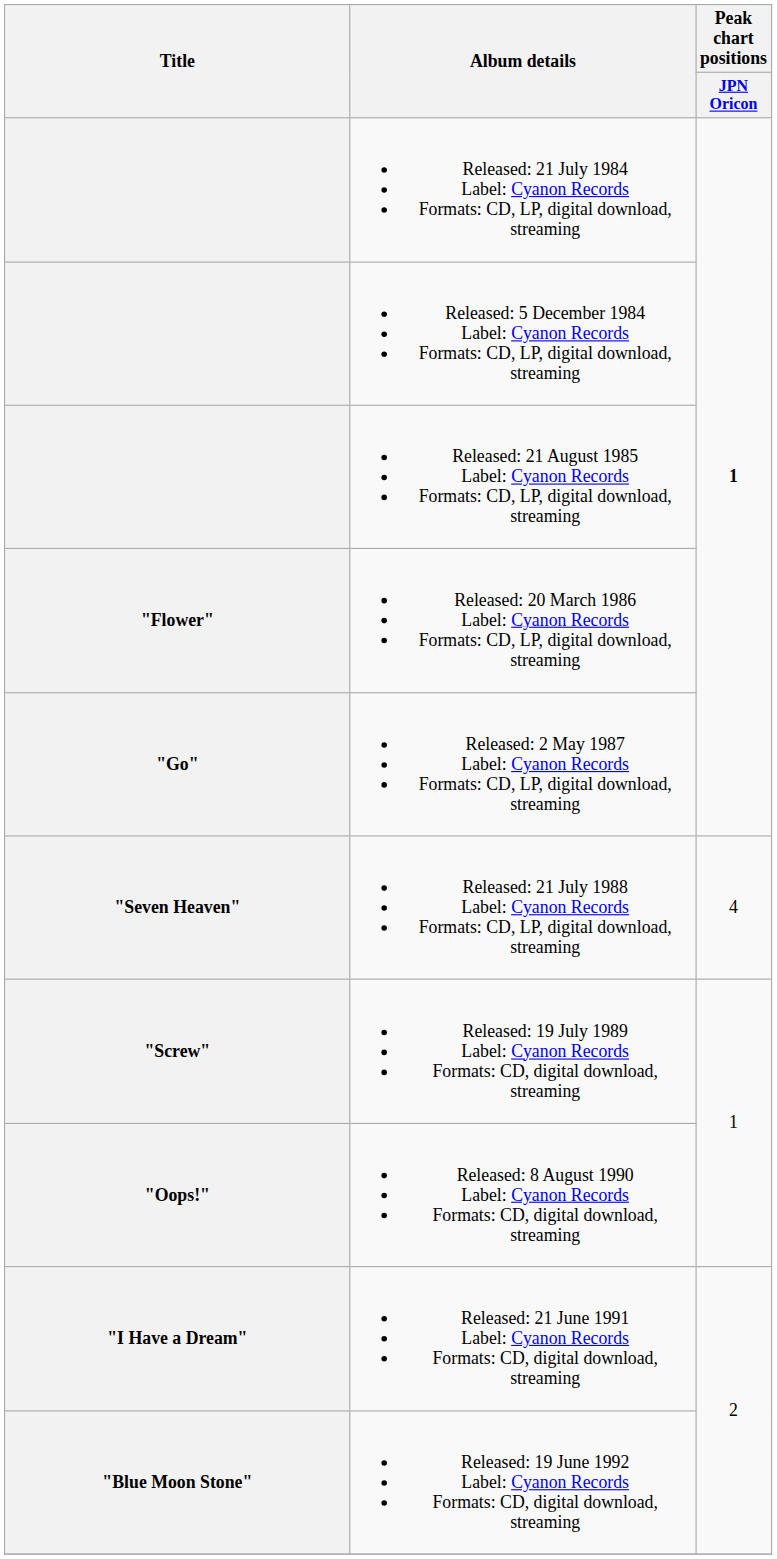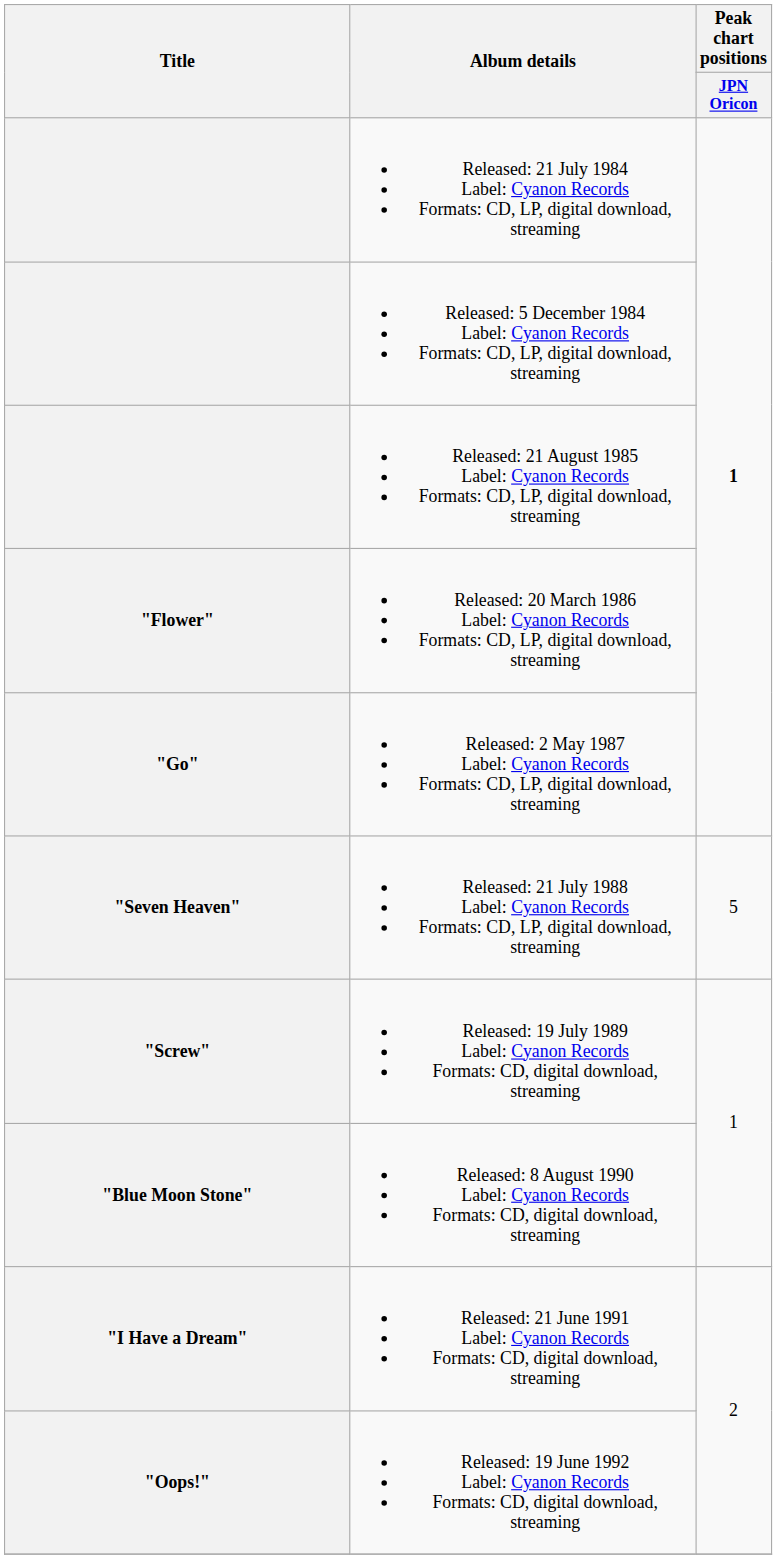 <table class="wikitable plainrowheaders" style="text-align:center;">
 <tr>
 <th scope="col" rowspan="2" style="width:19em;">Title</th>
 <th scope="col" rowspan="2" style="width:19em;">Album details</th>
 <th scope="col">Peak<br>chart<br>positions</th>
 </tr>
 <tr>
 <th scope="col" style="width:2.9em;font-size:90%;"><a href='#'>JPN<br>Oricon</a><br></th>
 </tr>
 <tr>
 <th scope="row"></th>
 <td><br><ul><li>Released: 21 July 1984</li><li>Label: <a href='#'>Cyanon Records</a></li><li>Formats: CD, LP, digital download, streaming</li></ul></td>
 <td rowspan="5"><strong>1</strong></td>
 </tr>
 <tr>
 <th scope="row"></th>
 <td><br><ul><li>Released: 5 December 1984</li><li>Label: <a href='#'>Cyanon Records</a></li><li>Formats: CD, LP, digital download, streaming</li></ul></td>
 </tr>
 <tr>
 <th scope="row"></th>
 <td><br><ul><li>Released: 21 August 1985</li><li>Label: <a href='#'>Cyanon Records</a></li><li>Formats: CD, LP, digital download, streaming</li></ul></td>
 </tr>
 <tr>
 <th scope="row">"Flower"</th>
 <td><br><ul><li>Released: 20 March 1986</li><li>Label: <a href='#'>Cyanon Records</a></li><li>Formats: CD, LP, digital download, streaming</li></ul></td>
 </tr>
 <tr>
 <th scope="row">"Go"</th>
 <td><br><ul><li>Released: 2 May 1987</li><li>Label: <a href='#'>Cyanon Records</a></li><li>Formats: CD, LP, digital download, streaming</li></ul></td>
 </tr>
 <tr>
 <th scope="row">"Seven Heaven"</th>
 <td><br><ul><li>Released: 21 July 1988</li><li>Label: <a href='#'>Cyanon Records</a></li><li>Formats: CD, LP, digital download, streaming</li></ul></td>
-<td>4</td>
+<td>5</td>
 </tr>
 <tr>
 <th scope="row">"Screw"</th>
 <td><br><ul><li>Released: 19 July 1989</li><li>Label: <a href='#'>Cyanon Records</a></li><li>Formats: CD, digital download, streaming</li></ul></td>
 <td rowspan="2">1</td>
 </tr>
 <tr>
-<th scope="row">"Oops!"</th>
+<th scope="row">"Blue Moon Stone"</th>
 <td><br><ul><li>Released: 8 August 1990</li><li>Label: <a href='#'>Cyanon Records</a></li><li>Formats: CD, digital download, streaming</li></ul></td>
 </tr>
 <tr>
 <th scope="row">"I Have a Dream"</th>
 <td><br><ul><li>Released: 21 June 1991</li><li>Label: <a href='#'>Cyanon Records</a></li><li>Formats: CD, digital download, streaming</li></ul></td>
 <td rowspan="2">2</td>
 </tr>
 <tr>
-<th scope="row">"Blue Moon Stone"</th>
+<th scope="row">"Oops!"</th>
 <td><br><ul><li>Released: 19 June 1992</li><li>Label: <a href='#'>Cyanon Records</a></li><li>Formats: CD, digital download, streaming</li></ul></td>
 </tr>
 <tr>
 </tr>
 </table>
